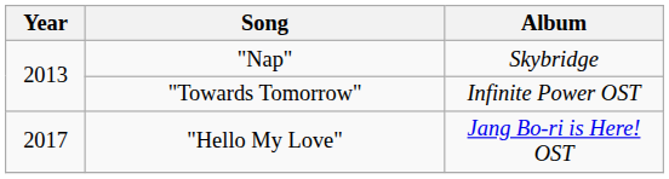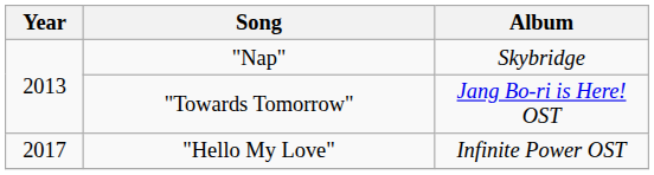 <table class="wikitable" style="text-align:center;">
 <tr>
 <th width= "50px">Year</th>
 <th width="250px">Song</th>
 <th width="150px">Album</th>
 </tr>
 <tr>
 <td rowspan=2>2013</td>
 <td>"Nap"</td>
 <td><em>Skybridge</em></td>
 </tr>
 <tr>
 <td>"Towards Tomorrow"</td>
-<td><em>Infinite Power OST</em></td>
+<td><em><a href='#'>Jang Bo-ri is Here!</a> OST</em></td>
 </tr>
 <tr>
 <td>2017</td>
 <td>"Hello My Love"</td>
-<td><em><a href='#'>Jang Bo-ri is Here!</a> OST</em></td>
+<td><em>Infinite Power OST</em></td>
 </tr>
 <tr>
 </tr>
 </table>
